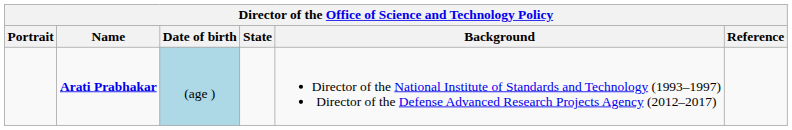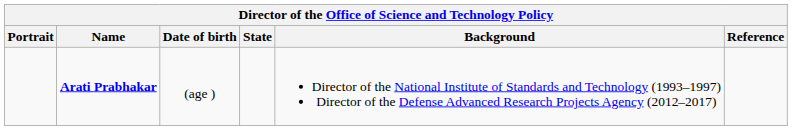 <table class="wikitable collapsible" style="text-align:center;">
 <tr>
 <th colspan="6">Director of the <a href='#'>Office of Science and Technology Policy</a></th>
 </tr>
 <tr>
 <th>Portrait</th>
 <th>Name</th>
 <th>Date of birth</th>
 <th>State</th>
 <th>Background</th>
 <th>Reference</th>
 </tr>
 <tr>
 <td></td>
 <td><strong><a href='#'>Arati Prabhakar</a></strong></td>
-<td style="background: lightblue;"><br>(age )</td>
+<td><br>(age )</td>
 <td></td>
 <td><br><ul><li>Director of the <a href='#'>National Institute of Standards and Technology</a> (1993–1997)</li><li>Director of the <a href='#'>Defense Advanced Research Projects Agency</a> (2012–2017)</li></ul></td>
 <td></td>
 </tr>
 </table>
